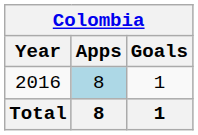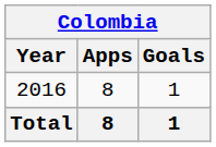 <table class="wikitable" style="text-align: center;">
 <tr>
 <th colspan="3"><a href='#'>Colombia</a></th>
 </tr>
 <tr>
 <th>Year</th>
 <th>Apps</th>
 <th>Goals</th>
 </tr>
 <tr>
 <td>2016</td>
-<td style="background: lightblue;">8</td>
+<td>8</td>
 <td>1</td>
 </tr>
 <tr>
 <th>Total</th>
 <th>8</th>
 <th>1</th>
 </tr>
 </table>
